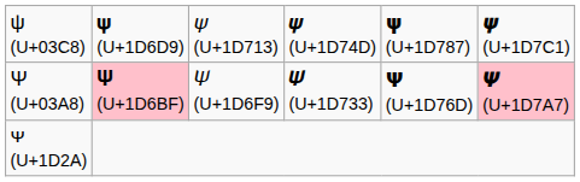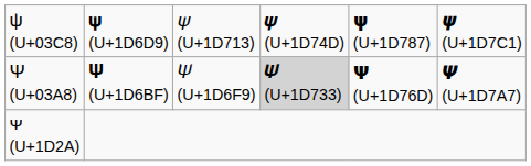 <table class="wikitable">
 <tr>
 <td>ψ<br><small>(U+03C8)</small></td>
 <td>𝛙<br><small>(U+1D6D9)</small></td>
 <td>𝜓<br><small>(U+1D713)</small></td>
 <td>𝝍<br><small>(U+1D74D)</small></td>
 <td>𝞇<br><small>(U+1D787)</small></td>
 <td>𝟁<br><small>(U+1D7C1)</small></td>
 </tr>
 <tr>
 <td>Ψ<br><small>(U+03A8)</small></td>
-<td style="background: pink;">𝚿<br><small>(U+1D6BF)</small></td>
+<td>𝚿<br><small>(U+1D6BF)</small></td>
 <td>𝛹<br><small>(U+1D6F9)</small></td>
-<td>𝜳<br><small>(U+1D733)</small></td>
+<td style="background: lightgrey;">𝜳<br><small>(U+1D733)</small></td>
 <td>𝝭<br><small>(U+1D76D)</small></td>
-<td style="background: pink;">𝞧<br><small>(U+1D7A7)</small></td>
+<td>𝞧<br><small>(U+1D7A7)</small></td>
 </tr>
 <tr>
 <td>ᴪ<br><small>(U+1D2A)</small></td>
 </tr>
 </table>
